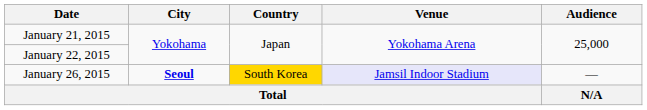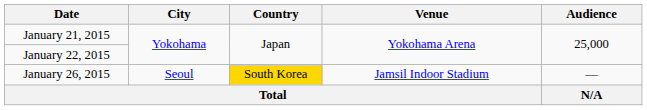 <table class="wikitable" style="text-align:center">
 <tr>
 <th scope="col" width="150">Date</th>
 <th scope="col" width="120">City</th>
 <th scope="col" width="110">Country</th>
 <th scope="col" width="270">Venue</th>
 <th scope="col" width="120">Audience</th>
 </tr>
 <tr>
 <td>January 21, 2015</td>
 <td rowspan="2"><a href='#'>Yokohama</a></td>
 <td rowspan="2">Japan</td>
 <td rowspan="2"><a href='#'>Yokohama Arena</a></td>
 <td rowspan="2">25,000</td>
 </tr>
 <tr>
 <td>January 22, 2015</td>
 </tr>
 <tr>
 <td>January 26, 2015</td>
-<td><strong><a href='#'>Seoul</a></strong></td>
+<td><a href='#'>Seoul</a></td>
 <td style="background: gold;">South Korea</td>
-<td style="background: lavender;"><a href='#'>Jamsil Indoor Stadium</a></td>
+<td><a href='#'>Jamsil Indoor Stadium</a></td>
 <td>—</td>
 </tr>
 <tr>
 <th colspan="4">Total</th>
 <th>N/A</th>
 </tr>
 </table>
